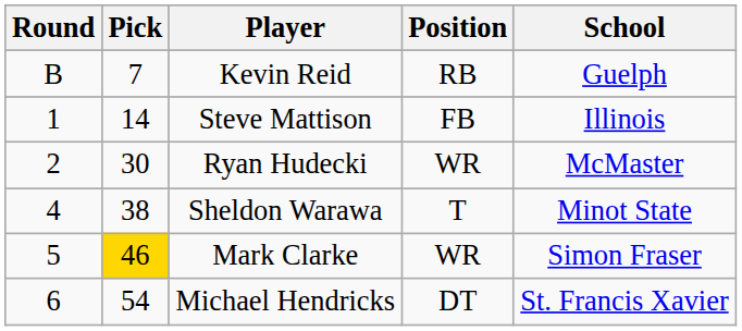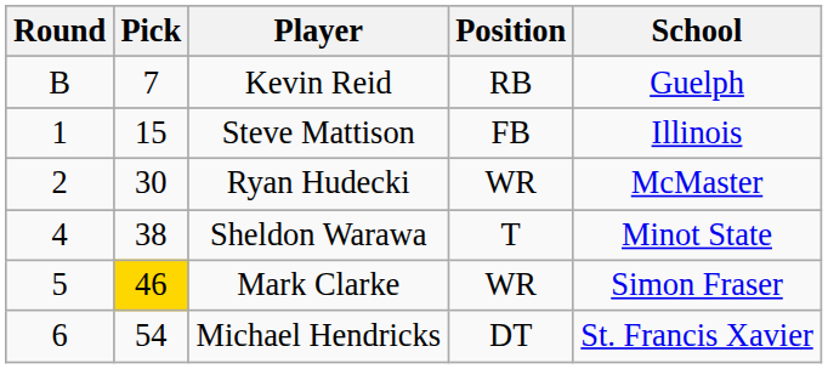 <table class="wikitable">
 <tr>
 <th scope="col">Round</th>
 <th scope="col">Pick</th>
 <th scope="col">Player</th>
 <th scope="col">Position</th>
 <th scope="col">School</th>
 </tr>
 <tr align="center">
 <td align=center>B</td>
 <td>7</td>
 <td>Kevin Reid</td>
 <td>RB</td>
 <td><a href='#'>Guelph</a></td>
 </tr>
 <tr align="center">
 <td align=center>1</td>
-<td>14</td>
+<td>15</td>
 <td>Steve Mattison</td>
 <td>FB</td>
 <td><a href='#'>Illinois</a></td>
 </tr>
 <tr align="center">
 <td align=center>2</td>
 <td>30</td>
 <td>Ryan Hudecki</td>
 <td>WR</td>
 <td><a href='#'>McMaster</a></td>
 </tr>
 <tr align="center">
 <td align=center>4</td>
 <td>38</td>
 <td>Sheldon Warawa</td>
 <td>T</td>
 <td><a href='#'>Minot State</a></td>
 </tr>
 <tr align="center">
 <td align=center>5</td>
 <td style="background: gold;">46</td>
 <td>Mark Clarke</td>
 <td>WR</td>
 <td><a href='#'>Simon Fraser</a></td>
 </tr>
 <tr align="center">
 <td align=center>6</td>
 <td>54</td>
 <td>Michael Hendricks</td>
 <td>DT</td>
 <td><a href='#'>St. Francis Xavier</a></td>
 </tr>
 </table>
